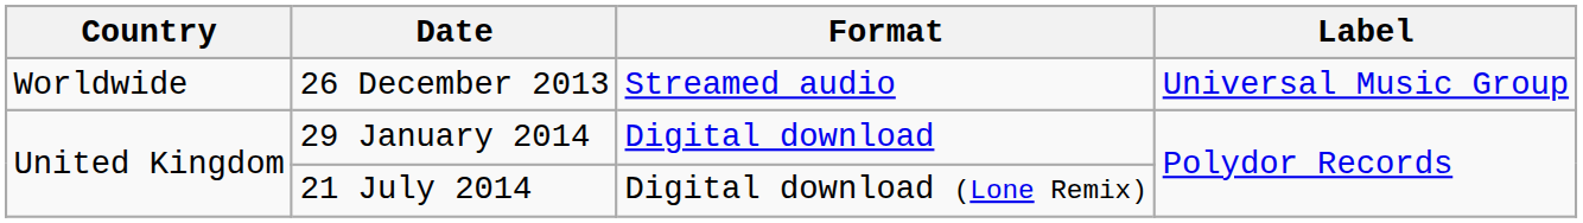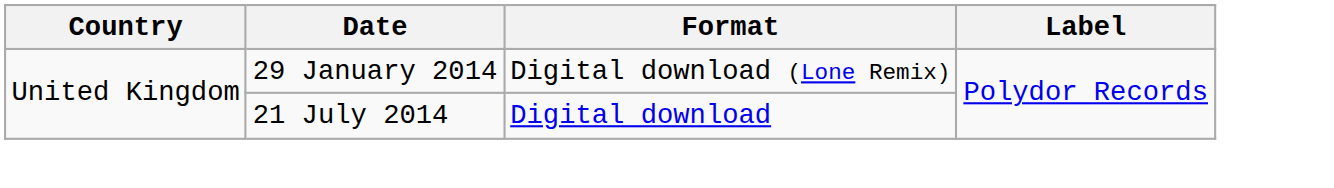 <table class="wikitable">
 <tr>
 <th>Country</th>
 <th>Date</th>
 <th>Format</th>
 <th>Label</th>
 </tr>
 <tr>
-<td>Worldwide</td>
-<td>26 December 2013</td>
-<td><a href='#'>Streamed audio</a></td>
-<td><a href='#'>Universal Music Group</a></td>
-</tr>
-<tr>
 <td rowspan="2">United Kingdom</td>
 <td>29 January 2014</td>
-<td><a href='#'>Digital download</a></td>
+<td>Digital download <small>(<a href='#'>Lone</a> Remix)</small></td>
 <td rowspan="2"><a href='#'>Polydor Records</a></td>
 </tr>
 <tr>
 <td>21 July 2014</td>
-<td>Digital download <small>(<a href='#'>Lone</a> Remix)</small></td>
+<td><a href='#'>Digital download</a></td>
 </tr>
 </table>
